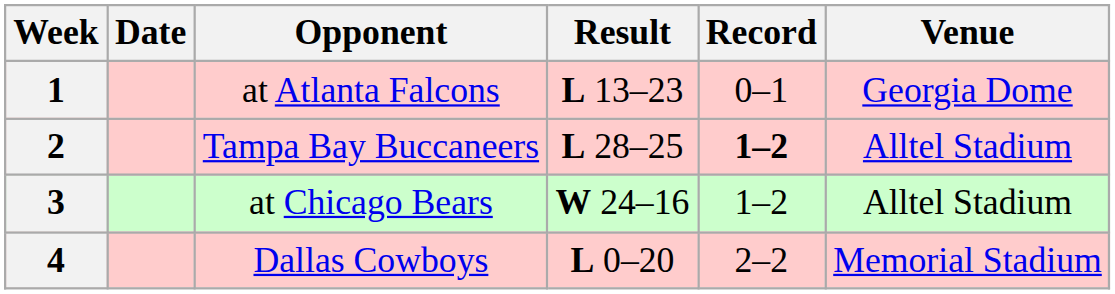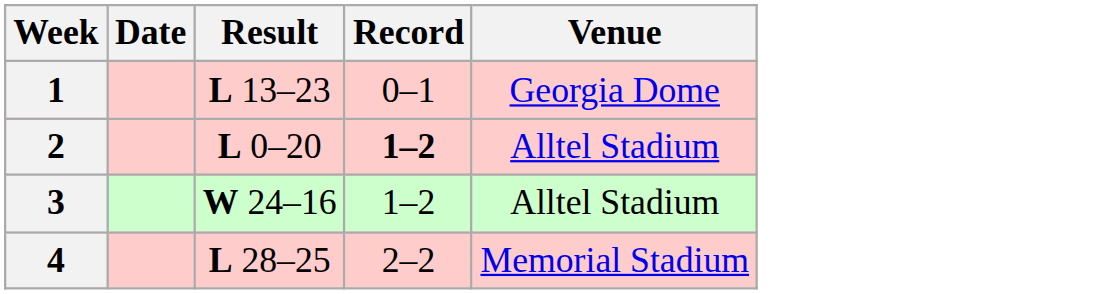 <table class="wikitable" style="text-align:center">
 <tr>
 <th>Week</th>
 <th>Date</th>
-<th>Opponent</th>
 <th>Result</th>
 <th>Record</th>
 <th>Venue</th>
 </tr>
 <tr style="background:#fcc">
 <th>1</th>
 <td></td>
-<td>at <a href='#'>Atlanta Falcons</a></td>
 <td><strong>L</strong> 13–23</td>
 <td>0–1</td>
 <td><a href='#'>Georgia Dome</a></td>
 </tr>
 <tr style="background:#fcc">
 <th>2</th>
 <td></td>
-<td><a href='#'>Tampa Bay Buccaneers</a></td>
-<td><strong>L</strong> 28–25</td>
+<td><strong>L</strong> 0–20</td>
 <td><strong>1–2</strong></td>
 <td><a href='#'>Alltel Stadium</a></td>
 </tr>
 <tr style="background:#cfc">
 <th>3</th>
 <td></td>
-<td>at <a href='#'>Chicago Bears</a></td>
 <td><strong>W</strong> 24–16</td>
 <td>1–2</td>
 <td>Alltel Stadium</td>
 </tr>
 <tr style="background:#fcc">
 <th>4</th>
 <td></td>
-<td><a href='#'>Dallas Cowboys</a></td>
-<td><strong>L</strong> 0–20</td>
+<td><strong>L</strong> 28–25</td>
 <td>2–2</td>
 <td><a href='#'>Memorial Stadium</a></td>
 </tr>
 </table>
